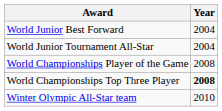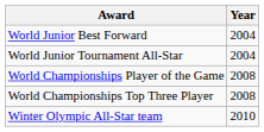 <table class="wikitable">
 <tr>
 <th>Award</th>
 <th>Year</th>
 </tr>
 <tr>
 <td><a href='#'>World Junior</a> Best Forward</td>
 <td>2004</td>
 </tr>
 <tr>
 <td>World Junior Tournament All-Star</td>
 <td>2004</td>
 </tr>
 <tr>
 <td><a href='#'>World Championships</a> Player of the Game</td>
 <td>2008</td>
 </tr>
 <tr>
 <td>World Championships Top Three Player</td>
-<td><strong>2008</strong></td>
+<td>2008</td>
 </tr>
 <tr>
 <td><a href='#'>Winter Olympic All-Star team</a></td>
 <td>2010</td>
 </tr>
 </table>
